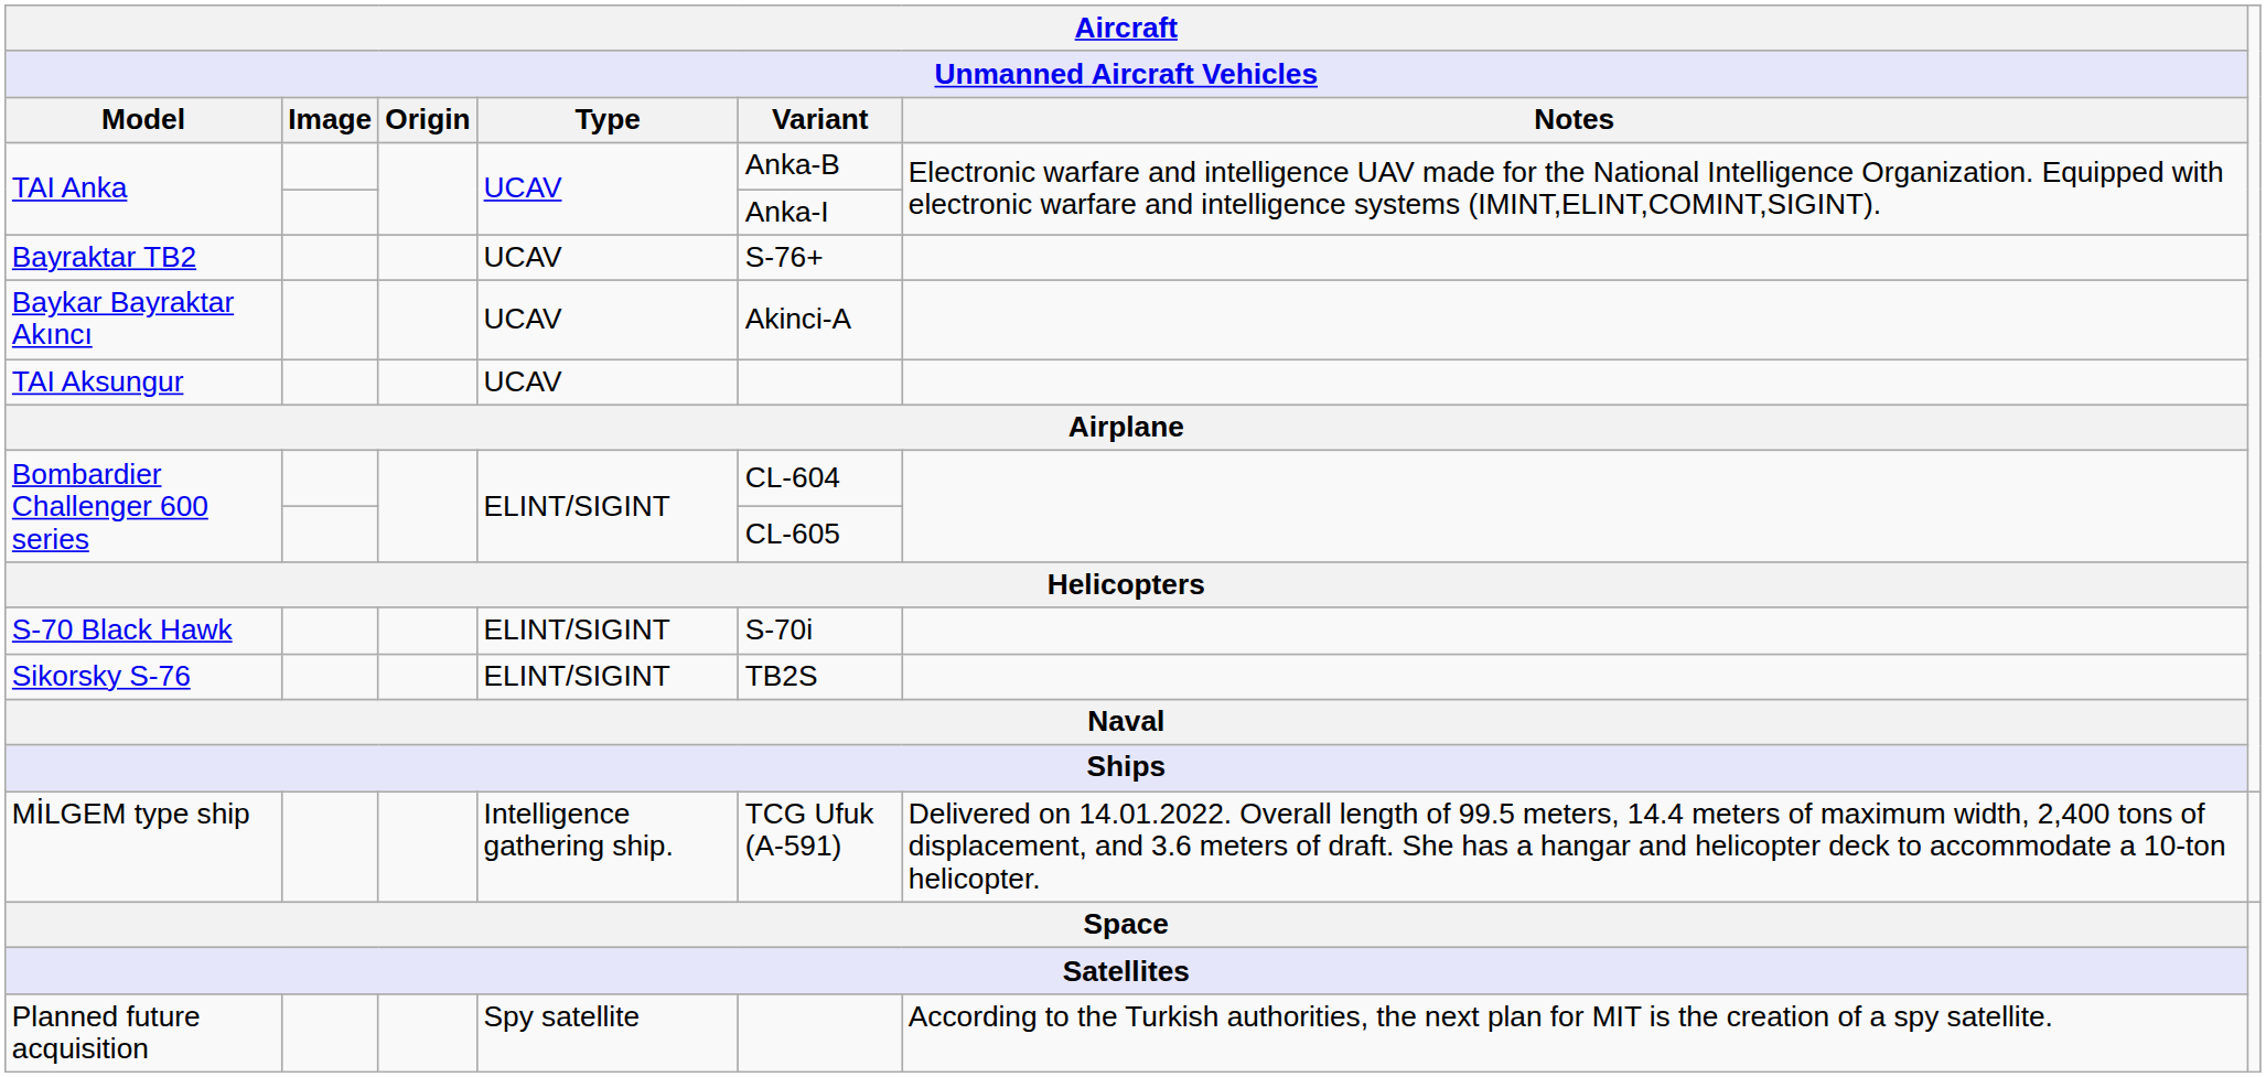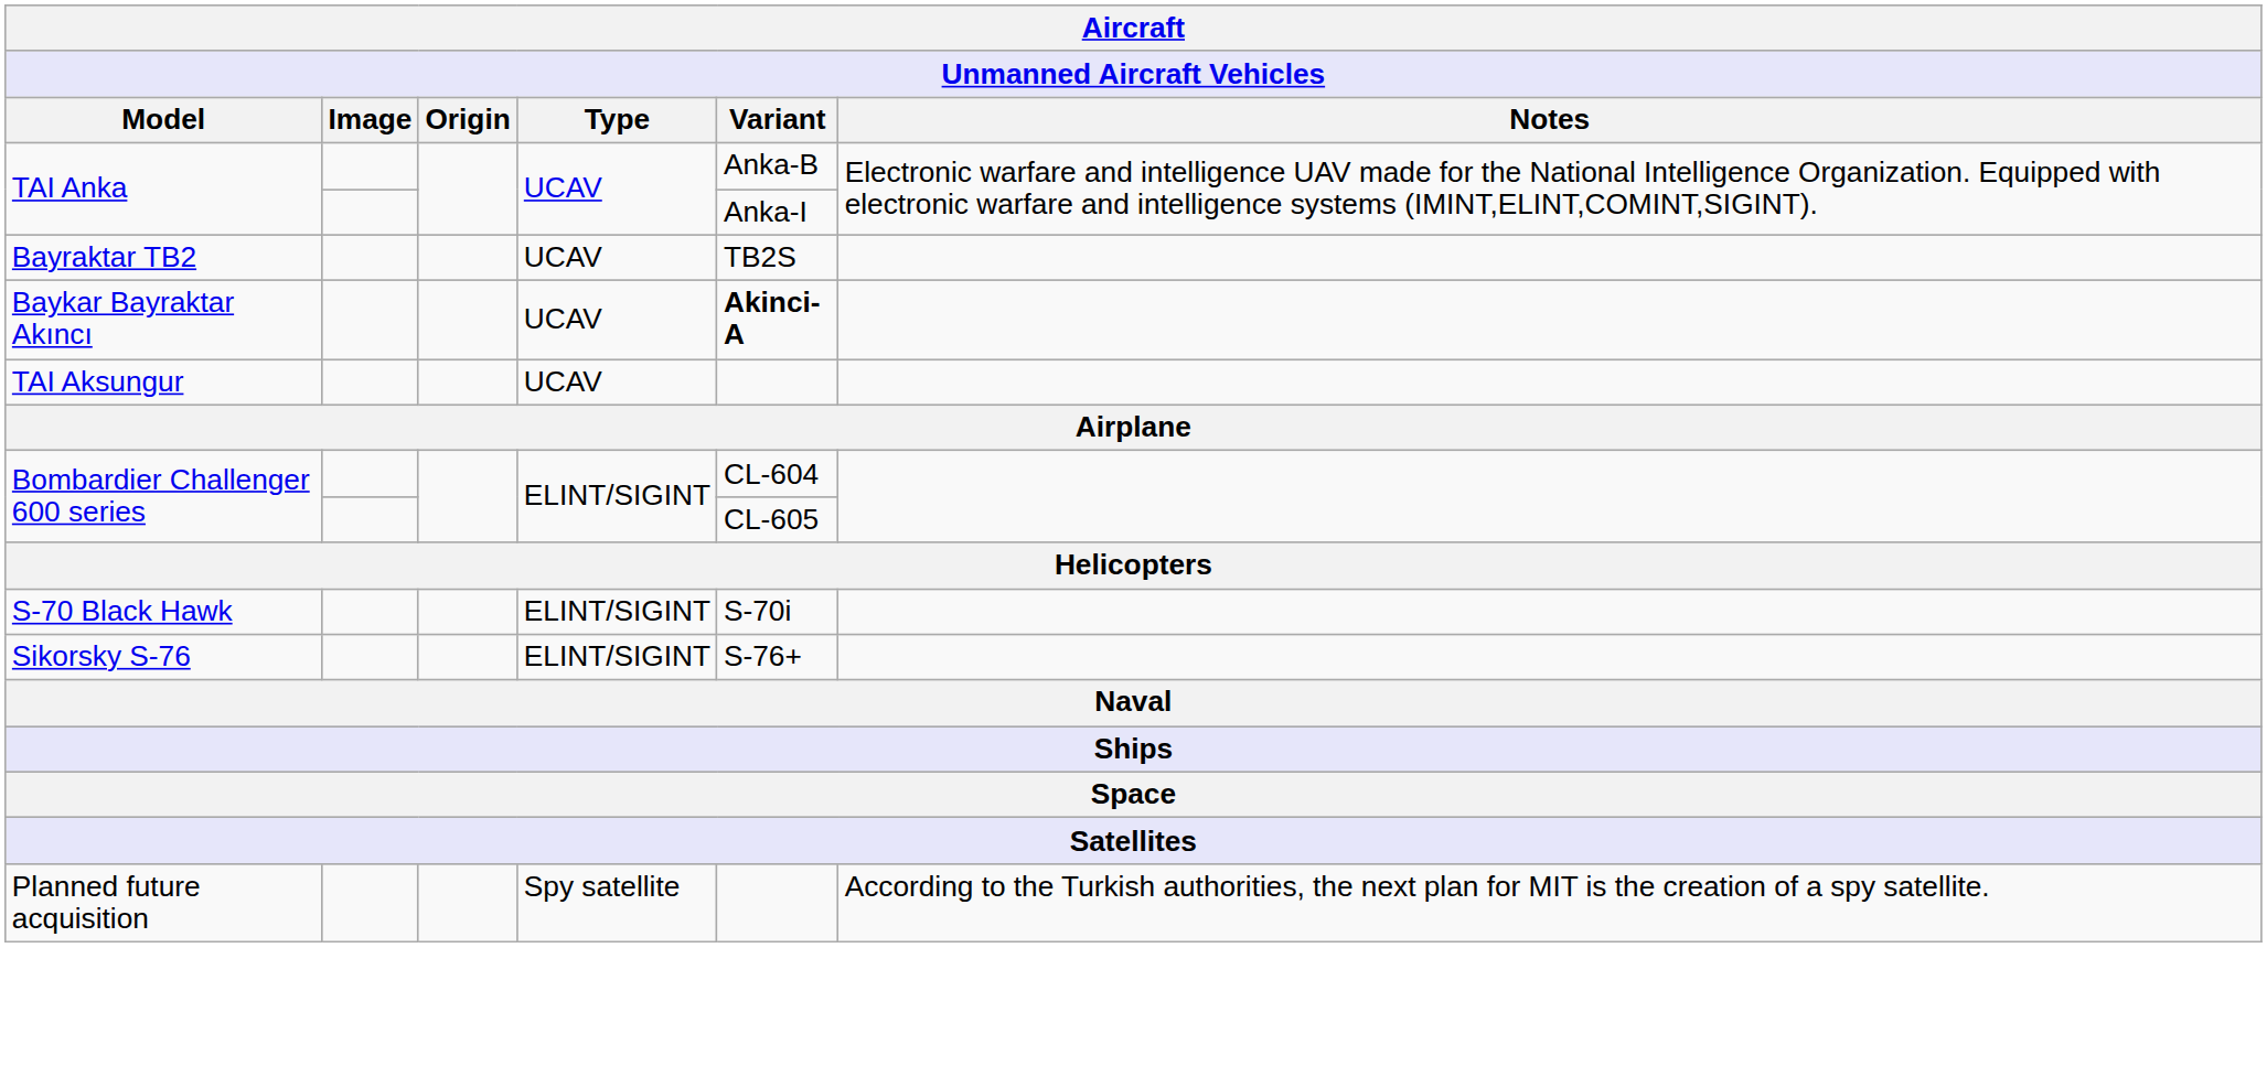 <table class="wikitable">
 <tr>
 <th colspan="6"><a href='#'>Aircraft</a></th>
 </tr>
 <tr>
 <th colspan="6" style="align: center; background: lavender;"><strong><a href='#'>Unmanned Aircraft Vehicles</a></strong></th>
 </tr>
 <tr>
 <th>Model</th>
 <th>Image</th>
 <th>Origin</th>
 <th>Type</th>
 <th>Variant</th>
 <th>Notes</th>
 </tr>
 <tr>
 <td rowspan="2"><a href='#'>TAI Anka</a></td>
 <td></td>
 <td rowspan="2"></td>
 <td rowspan="2"><a href='#'>UCAV</a></td>
 <td>Anka-B</td>
 <td rowspan="2">Electronic warfare and intelligence UAV made for the National Intelligence Organization. Equipped with electronic warfare and intelligence systems (IMINT,ELINT,COMINT,SIGINT).</td>
 </tr>
 <tr>
 <td></td>
 <td>Anka-I</td>
 </tr>
 <tr valign="top">
 <td><a href='#'>Bayraktar TB2</a></td>
 <td></td>
 <td></td>
 <td>UCAV</td>
-<td>S-76+</td>
+<td>TB2S</td>
 <td></td>
 </tr>
 <tr>
 <td><a href='#'>Baykar Bayraktar Akıncı</a></td>
 <td></td>
 <td></td>
 <td>UCAV</td>
-<td>Akinci-A</td>
+<td><strong>Akinci-A</strong></td>
 <td></td>
 </tr>
 <tr>
 <td><a href='#'>TAI Aksungur</a></td>
 <td></td>
 <td></td>
 <td>UCAV</td>
 <td></td>
 <td></td>
 </tr>
 <tr>
 <th colspan="6">Airplane</th>
 </tr>
 <tr>
 <td rowspan="2"><a href='#'>Bombardier Challenger 600 series</a></td>
 <td></td>
 <td rowspan="2"></td>
 <td rowspan="2">ELINT/SIGINT</td>
 <td>CL-604</td>
 <td rowspan="2"></td>
 </tr>
 <tr>
 <td></td>
 <td>CL-605</td>
 </tr>
 <tr>
 <th colspan="6">Helicopters</th>
 </tr>
 <tr>
 <td><a href='#'>S-70 Black Hawk</a></td>
 <td></td>
 <td></td>
 <td>ELINT/SIGINT</td>
 <td>S-70i</td>
 <td></td>
 </tr>
 <tr>
 <td><a href='#'>Sikorsky S-76</a></td>
 <td></td>
 <td></td>
 <td>ELINT/SIGINT</td>
-<td>TB2S</td>
+<td>S-76+</td>
 <td></td>
 </tr>
 <tr>
 <th colspan="6">Naval</th>
 </tr>
 <tr>
 <th colspan="6" style="align: center; background: lavender;"><strong>Ships</strong></th>
-</tr>
-<tr valign="top">
-<td>MİLGEM type ship</td>
-<td></td>
-<td></td>
-<td>Intelligence gathering ship.</td>
-<td>TCG Ufuk (A-591)</td>
-<td>Delivered on 14.01.2022. Overall length of 99.5 meters, 14.4 meters of maximum width, 2,400 tons of displacement, and 3.6 meters of draft. She has a hangar and helicopter deck to accommodate a 10-ton helicopter.</td>
-<td></td>
 </tr>
 <tr>
 <th colspan="6">Space</th>
 </tr>
 <tr>
 <th colspan="6" style="align: center; background: lavender;"><strong>Satellites</strong></th>
 </tr>
 <tr valign="top">
 <td>Planned future acquisition</td>
 <td></td>
 <td></td>
 <td>Spy satellite</td>
 <td></td>
 <td>According to the Turkish authorities, the next plan for MIT is the creation of a spy satellite.</td>
 </tr>
 </table>
